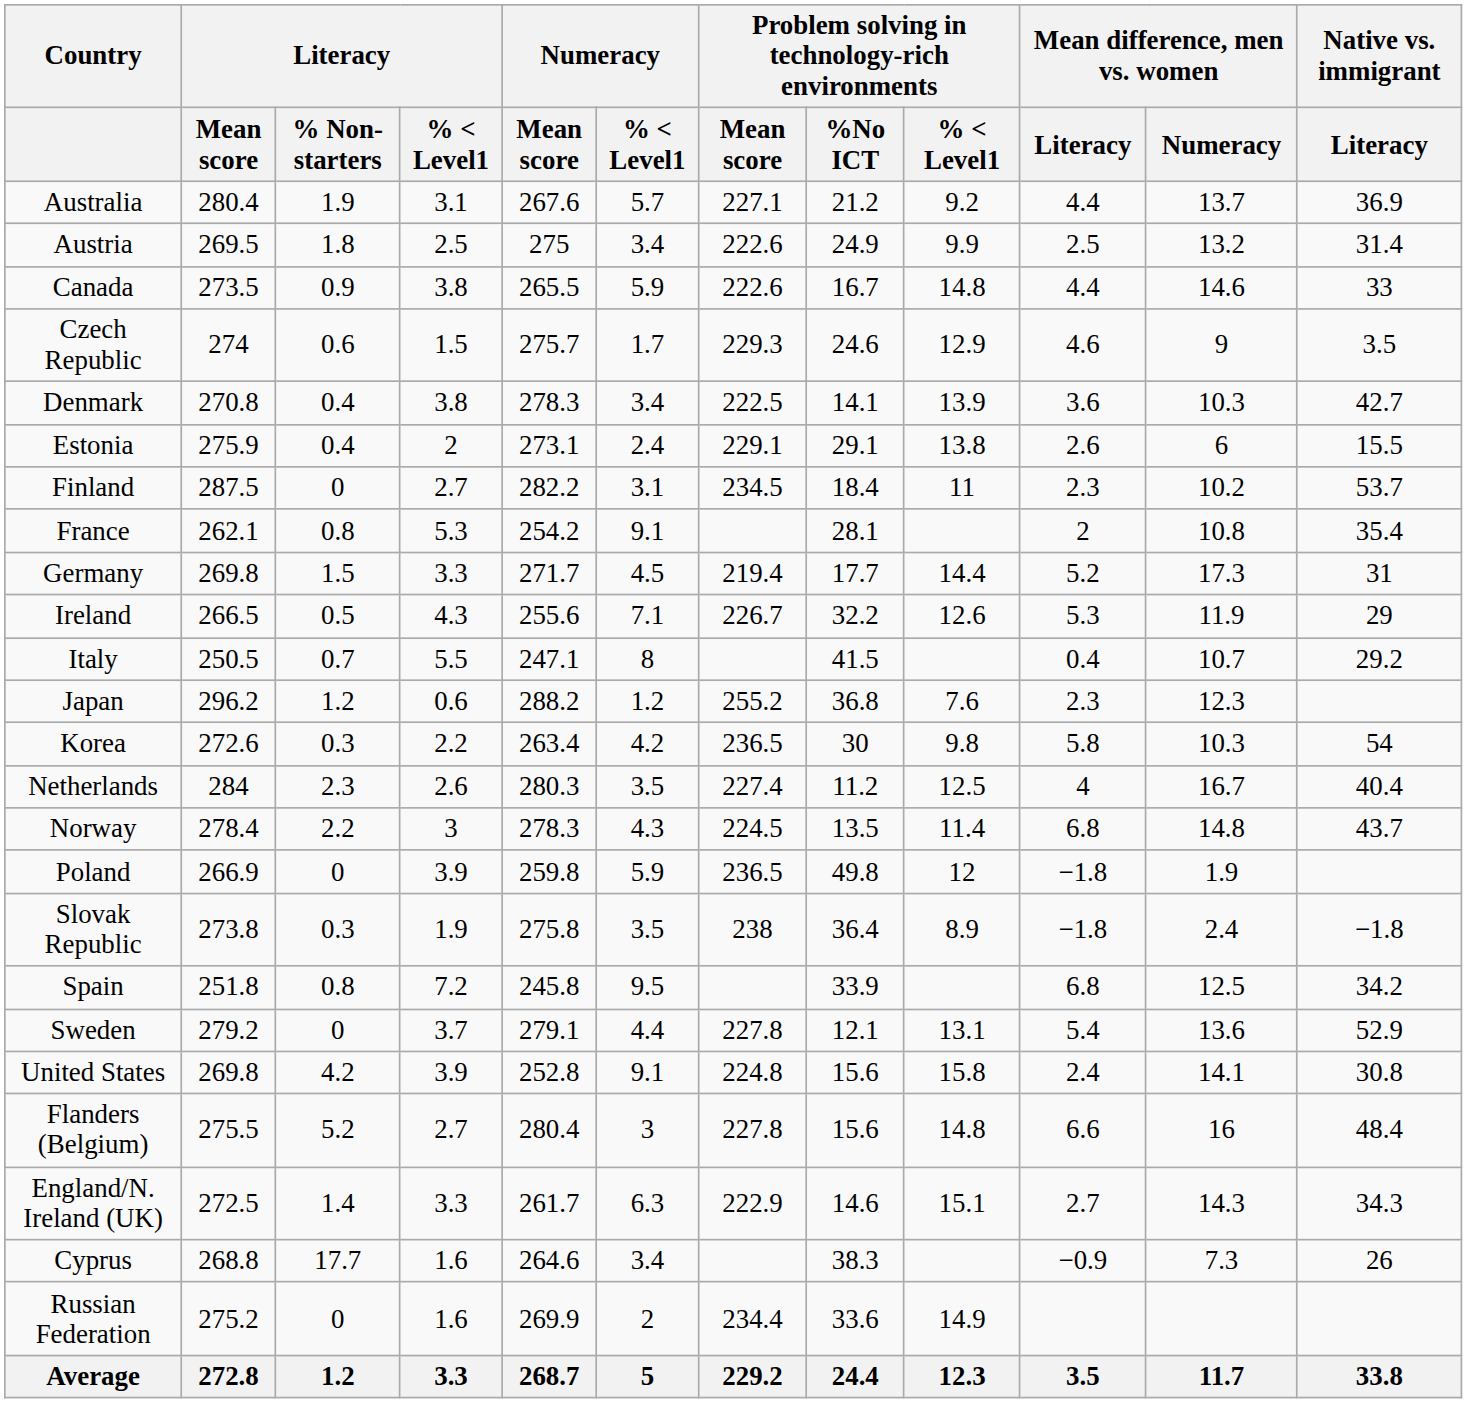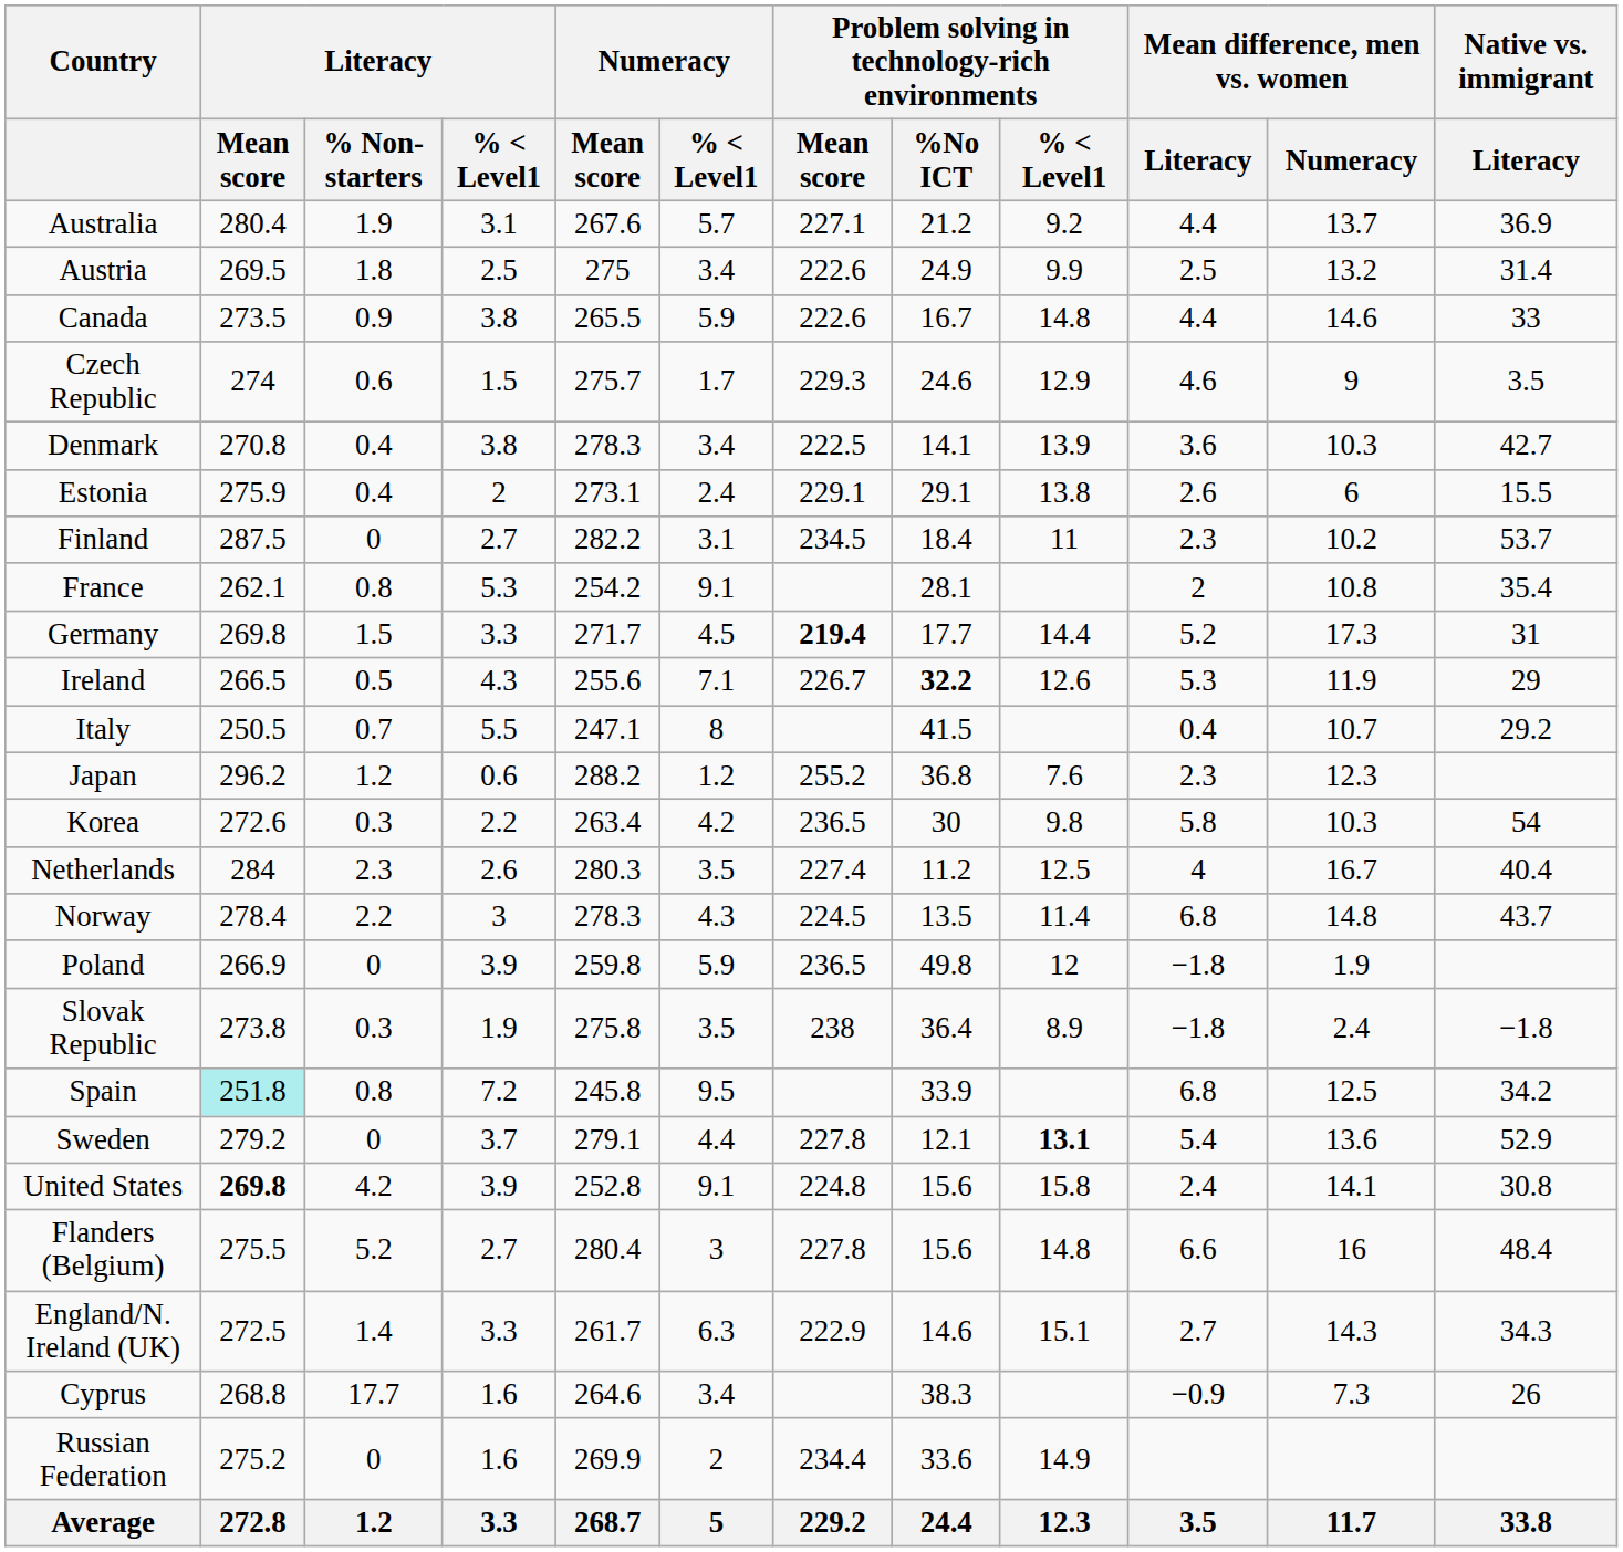 <table class="sortable wikitable"  style="text-align:center;">
 <tr>
 <th>Country</th>
 <th colspan=3>Literacy</th>
 <th colspan=2>Numeracy</th>
 <th colspan=3>Problem solving in technology-rich environments</th>
 <th colspan=2>Mean difference, men vs. women</th>
 <th>Native vs. immigrant</th>
 </tr>
 <tr>
 <th></th>
 <th>Mean score</th>
 <th>% Non- starters</th>
 <th>% < Level1</th>
 <th>Mean score</th>
 <th>% < Level1</th>
 <th>Mean score</th>
 <th>%No ICT</th>
 <th>% < Level1</th>
 <th>Literacy</th>
 <th>Numeracy</th>
 <th>Literacy</th>
 </tr>
 <tr>
 <td>Australia</td>
 <td>280.4</td>
 <td>1.9</td>
 <td>3.1</td>
 <td>267.6</td>
 <td>5.7</td>
 <td>227.1</td>
 <td>21.2</td>
 <td>9.2</td>
 <td>4.4</td>
 <td>13.7</td>
 <td>36.9</td>
 </tr>
 <tr>
 <td>Austria</td>
 <td>269.5</td>
 <td>1.8</td>
 <td>2.5</td>
 <td>275</td>
 <td>3.4</td>
 <td>222.6</td>
 <td>24.9</td>
 <td>9.9</td>
 <td>2.5</td>
 <td>13.2</td>
 <td>31.4</td>
 </tr>
 <tr>
 <td>Canada</td>
 <td>273.5</td>
 <td>0.9</td>
 <td>3.8</td>
 <td>265.5</td>
 <td>5.9</td>
 <td>222.6</td>
 <td>16.7</td>
 <td>14.8</td>
 <td>4.4</td>
 <td>14.6</td>
 <td>33</td>
 </tr>
 <tr>
 <td>Czech Republic</td>
 <td>274</td>
 <td>0.6</td>
 <td>1.5</td>
 <td>275.7</td>
 <td>1.7</td>
 <td>229.3</td>
 <td>24.6</td>
 <td>12.9</td>
 <td>4.6</td>
 <td>9</td>
 <td>3.5</td>
 </tr>
 <tr>
 <td>Denmark</td>
 <td>270.8</td>
 <td>0.4</td>
 <td>3.8</td>
 <td>278.3</td>
 <td>3.4</td>
 <td>222.5</td>
 <td>14.1</td>
 <td>13.9</td>
 <td>3.6</td>
 <td>10.3</td>
 <td>42.7</td>
 </tr>
 <tr>
 <td>Estonia</td>
 <td>275.9</td>
 <td>0.4</td>
 <td>2</td>
 <td>273.1</td>
 <td>2.4</td>
 <td>229.1</td>
 <td>29.1</td>
 <td>13.8</td>
 <td>2.6</td>
 <td>6</td>
 <td>15.5</td>
 </tr>
 <tr>
 <td>Finland</td>
 <td>287.5</td>
 <td>0</td>
 <td>2.7</td>
 <td>282.2</td>
 <td>3.1</td>
 <td>234.5</td>
 <td>18.4</td>
 <td>11</td>
 <td>2.3</td>
 <td>10.2</td>
 <td>53.7</td>
 </tr>
 <tr>
 <td>France</td>
 <td>262.1</td>
 <td>0.8</td>
 <td>5.3</td>
 <td>254.2</td>
 <td>9.1</td>
 <td></td>
 <td>28.1</td>
 <td></td>
 <td>2</td>
 <td>10.8</td>
 <td>35.4</td>
 </tr>
 <tr>
 <td>Germany</td>
 <td>269.8</td>
 <td>1.5</td>
 <td>3.3</td>
 <td>271.7</td>
 <td>4.5</td>
-<td>219.4</td>
+<td><strong>219.4</strong></td>
 <td>17.7</td>
 <td>14.4</td>
 <td>5.2</td>
 <td>17.3</td>
 <td>31</td>
 </tr>
 <tr>
 <td>Ireland</td>
 <td>266.5</td>
 <td>0.5</td>
 <td>4.3</td>
 <td>255.6</td>
 <td>7.1</td>
 <td>226.7</td>
-<td>32.2</td>
+<td><strong>32.2</strong></td>
 <td>12.6</td>
 <td>5.3</td>
 <td>11.9</td>
 <td>29</td>
 </tr>
 <tr>
 <td>Italy</td>
 <td>250.5</td>
 <td>0.7</td>
 <td>5.5</td>
 <td>247.1</td>
 <td>8</td>
 <td></td>
 <td>41.5</td>
 <td></td>
 <td>0.4</td>
 <td>10.7</td>
 <td>29.2</td>
 </tr>
 <tr>
 <td>Japan</td>
 <td>296.2</td>
 <td>1.2</td>
 <td>0.6</td>
 <td>288.2</td>
 <td>1.2</td>
 <td>255.2</td>
 <td>36.8</td>
 <td>7.6</td>
 <td>2.3</td>
 <td>12.3</td>
 <td></td>
 </tr>
 <tr>
 <td>Korea</td>
 <td>272.6</td>
 <td>0.3</td>
 <td>2.2</td>
 <td>263.4</td>
 <td>4.2</td>
 <td>236.5</td>
 <td>30</td>
 <td>9.8</td>
 <td>5.8</td>
 <td>10.3</td>
 <td>54</td>
 </tr>
 <tr>
 <td>Netherlands</td>
 <td>284</td>
 <td>2.3</td>
 <td>2.6</td>
 <td>280.3</td>
 <td>3.5</td>
 <td>227.4</td>
 <td>11.2</td>
 <td>12.5</td>
 <td>4</td>
 <td>16.7</td>
 <td>40.4</td>
 </tr>
 <tr>
 <td>Norway</td>
 <td>278.4</td>
 <td>2.2</td>
 <td>3</td>
 <td>278.3</td>
 <td>4.3</td>
 <td>224.5</td>
 <td>13.5</td>
 <td>11.4</td>
 <td>6.8</td>
 <td>14.8</td>
 <td>43.7</td>
 </tr>
 <tr>
 <td>Poland</td>
 <td>266.9</td>
 <td>0</td>
 <td>3.9</td>
 <td>259.8</td>
 <td>5.9</td>
 <td>236.5</td>
 <td>49.8</td>
 <td>12</td>
 <td>−1.8</td>
 <td>1.9</td>
 <td></td>
 </tr>
 <tr>
 <td>Slovak Republic</td>
 <td>273.8</td>
 <td>0.3</td>
 <td>1.9</td>
 <td>275.8</td>
 <td>3.5</td>
 <td>238</td>
 <td>36.4</td>
 <td>8.9</td>
 <td>−1.8</td>
 <td>2.4</td>
 <td>−1.8</td>
 </tr>
 <tr>
 <td>Spain</td>
-<td>251.8</td>
+<td style="background: paleturquoise;">251.8</td>
 <td>0.8</td>
 <td>7.2</td>
 <td>245.8</td>
 <td>9.5</td>
 <td></td>
 <td>33.9</td>
 <td></td>
 <td>6.8</td>
 <td>12.5</td>
 <td>34.2</td>
 </tr>
 <tr>
 <td>Sweden</td>
 <td>279.2</td>
 <td>0</td>
 <td>3.7</td>
 <td>279.1</td>
 <td>4.4</td>
 <td>227.8</td>
 <td>12.1</td>
-<td>13.1</td>
+<td><strong>13.1</strong></td>
 <td>5.4</td>
 <td>13.6</td>
 <td>52.9</td>
 </tr>
 <tr>
 <td>United States</td>
-<td>269.8</td>
+<td><strong>269.8</strong></td>
 <td>4.2</td>
 <td>3.9</td>
 <td>252.8</td>
 <td>9.1</td>
 <td>224.8</td>
 <td>15.6</td>
 <td>15.8</td>
 <td>2.4</td>
 <td>14.1</td>
 <td>30.8</td>
 </tr>
 <tr>
 <td>Flanders (Belgium)</td>
 <td>275.5</td>
 <td>5.2</td>
 <td>2.7</td>
 <td>280.4</td>
 <td>3</td>
 <td>227.8</td>
 <td>15.6</td>
 <td>14.8</td>
 <td>6.6</td>
 <td>16</td>
 <td>48.4</td>
 </tr>
 <tr>
 <td>England/N. Ireland (UK)</td>
 <td>272.5</td>
 <td>1.4</td>
 <td>3.3</td>
 <td>261.7</td>
 <td>6.3</td>
 <td>222.9</td>
 <td>14.6</td>
 <td>15.1</td>
 <td>2.7</td>
 <td>14.3</td>
 <td>34.3</td>
 </tr>
 <tr>
 <td>Cyprus</td>
 <td>268.8</td>
 <td>17.7</td>
 <td>1.6</td>
 <td>264.6</td>
 <td>3.4</td>
 <td></td>
 <td>38.3</td>
 <td></td>
 <td>−0.9</td>
 <td>7.3</td>
 <td>26</td>
 </tr>
 <tr>
 <td>Russian Federation</td>
 <td>275.2</td>
 <td>0</td>
 <td>1.6</td>
 <td>269.9</td>
 <td>2</td>
 <td>234.4</td>
 <td>33.6</td>
 <td>14.9</td>
 <td></td>
 <td></td>
 <td></td>
 </tr>
 <tr>
 <th>Average</th>
 <th>272.8</th>
 <th>1.2</th>
 <th>3.3</th>
 <th>268.7</th>
 <th>5</th>
 <th>229.2</th>
 <th>24.4</th>
 <th>12.3</th>
 <th>3.5</th>
 <th>11.7</th>
 <th>33.8</th>
 </tr>
 </table>
